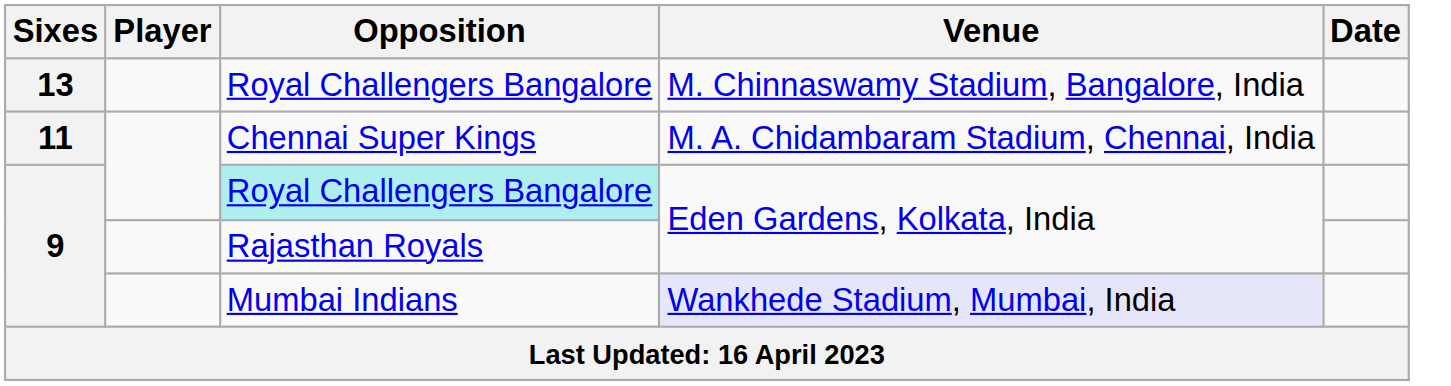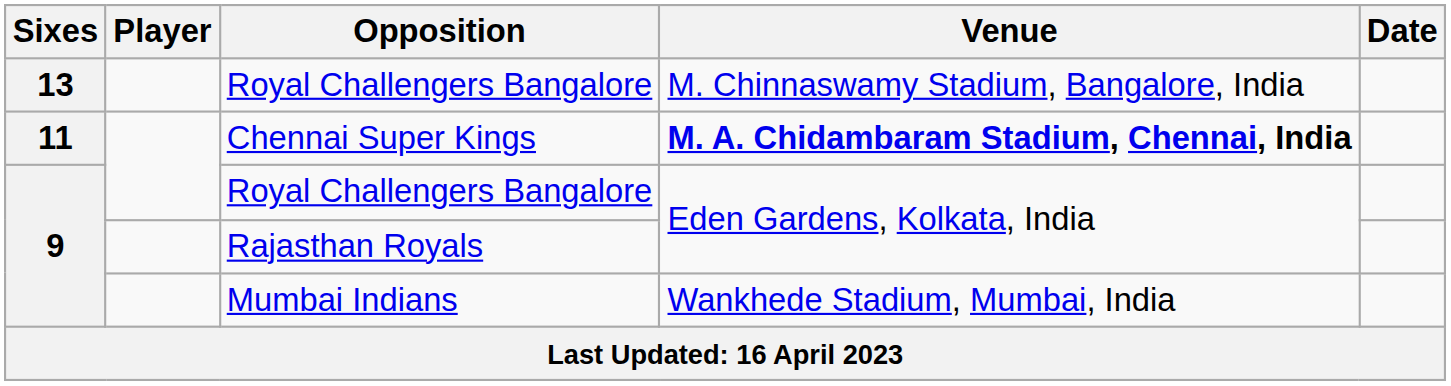 <table class="wikitable" style="text-align:left;font-size:96%;">
 <tr>
 <th>Sixes</th>
 <th>Player</th>
 <th>Opposition</th>
 <th>Venue</th>
 <th>Date</th>
 </tr>
 <tr>
 <th scope=row style=text-align:center;>13</th>
 <td></td>
 <td><a href='#'>Royal Challengers Bangalore</a></td>
 <td><a href='#'>M. Chinnaswamy Stadium</a>, <a href='#'>Bangalore</a>, India</td>
 <td></td>
 </tr>
 <tr>
 <th scope=row style=text-align:center;>11</th>
 <td rowspan=2></td>
 <td><a href='#'>Chennai Super Kings</a></td>
-<td><a href='#'>M. A. Chidambaram Stadium</a>, <a href='#'>Chennai</a>, India</td>
+<td><strong><a href='#'>M. A. Chidambaram Stadium</a>, <a href='#'>Chennai</a>, India</strong></td>
 <td></td>
 </tr>
 <tr>
 <th scope=row style=text-align:center; rowspan=3>9</th>
-<td style="background: paleturquoise;"><a href='#'>Royal Challengers Bangalore</a></td>
+<td><a href='#'>Royal Challengers Bangalore</a></td>
 <td rowspan=2><a href='#'>Eden Gardens</a>, <a href='#'>Kolkata</a>, India</td>
 <td></td>
 </tr>
 <tr>
 <td></td>
 <td><a href='#'>Rajasthan Royals</a></td>
 <td></td>
 </tr>
 <tr>
 <td></td>
 <td><a href='#'>Mumbai Indians</a></td>
-<td style="background: lavender;"><a href='#'>Wankhede Stadium</a>, <a href='#'>Mumbai</a>, India</td>
+<td><a href='#'>Wankhede Stadium</a>, <a href='#'>Mumbai</a>, India</td>
 <td></td>
 </tr>
 <tr class=sortbottom>
 <th colspan=6><small>Last Updated: 16 April 2023</small></th>
 </tr>
 </table>
